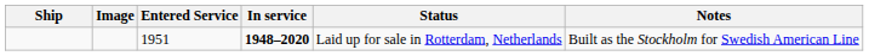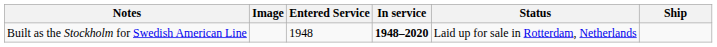 <table class="wikitable sortable">
 <tr>
-<th width="90px">Ship</th>
+<th class="unsortable">Notes</th>
 <th class="unsortable">Image</th>
 <th>Entered Service</th>
 <th>In service</th>
 <th>Status</th>
-<th class="unsortable">Notes</th>
+<th width="90px">Ship</th>
 </tr>
 <tr>
+<td>Built as the <em>Stockholm</em> for <a href='#'>Swedish American Line</a></td>
 <td></td>
-<td></td>
-<td>1951</td>
+<td>1948</td>
 <td><strong>1948–2020</strong></td>
 <td>Laid up for sale in <a href='#'>Rotterdam</a>, <a href='#'>Netherlands</a></td>
-<td>Built as the <em>Stockholm</em> for <a href='#'>Swedish American Line</a></td>
+<td></td>
 </tr>
 </table>
